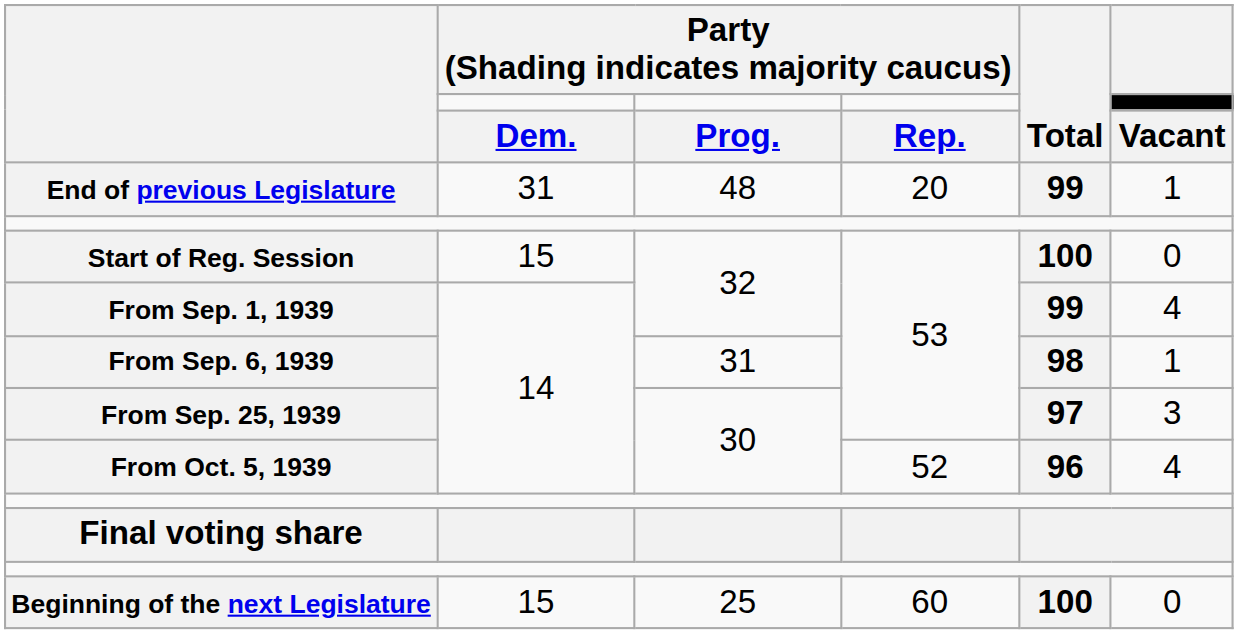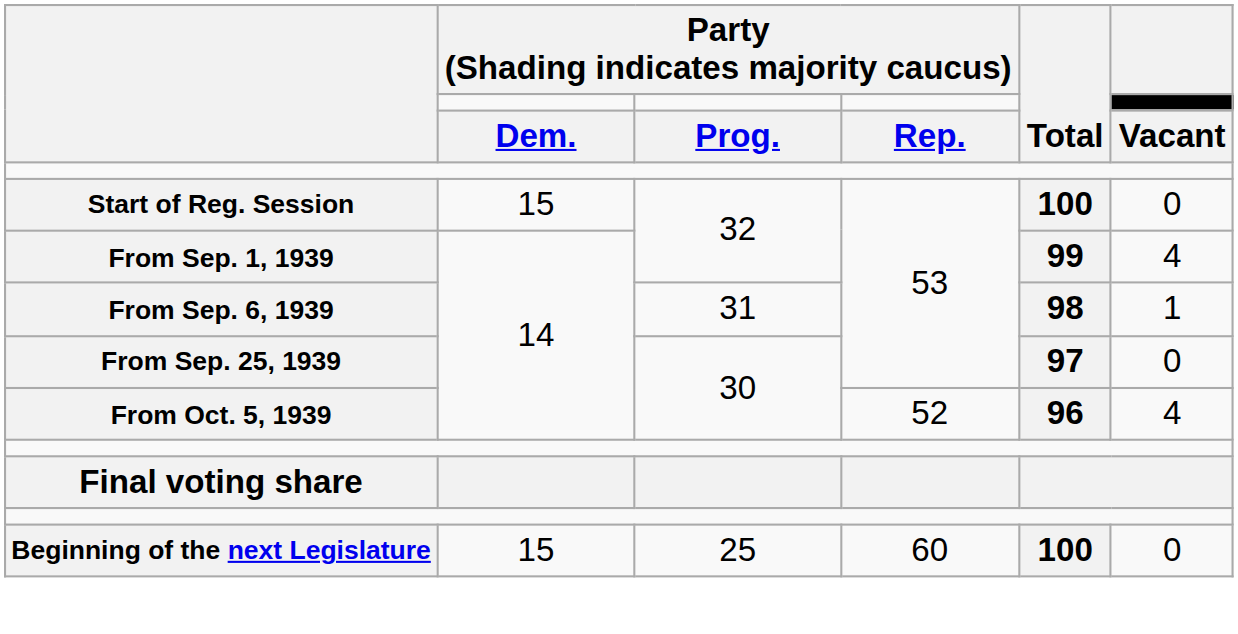 <table class=wikitable style="text-align:center">
 <tr style="vertical-align:bottom;">
 <th rowspan=3></th>
 <th colspan=3>Party <div>(Shading indicates majority caucus)</div></th>
 <th rowspan=3>Total</th>
 <th></th>
 </tr>
 <tr style="height:5px">
 <td style="background-color:"></td>
 <td style="background-color:"></td>
 <td style="background-color:"></td>
 <td style="background:black;"></td>
 </tr>
 <tr>
 <th><a href='#'>Dem.</a></th>
 <th><a href='#'>Prog.</a></th>
 <th><a href='#'>Rep.</a></th>
 <th>Vacant</th>
-</tr>
-<tr>
-<th style="font-size:80%;">End of <a href='#'>previous Legislature</a></th>
-<td>31</td>
-<td>48</td>
-<td>20</td>
-<th>99</th>
-<td>1</td>
 </tr>
 <tr>
 <td colspan=6></td>
 </tr>
 <tr>
 <th style="font-size:80%;">Start of Reg. Session</th>
 <td>15</td>
 <td rowspan="2">32</td>
 <td rowspan="4" >53</td>
 <th>100</th>
 <td>0</td>
 </tr>
 <tr>
 <th style="font-size:80%;">From Sep. 1, 1939</th>
 <td rowspan="4">14</td>
 <th>99</th>
 <td>4</td>
 </tr>
 <tr>
 <th style="font-size:80%;">From Sep. 6, 1939</th>
 <td>31</td>
 <th>98</th>
 <td>1</td>
 </tr>
 <tr>
 <th style="font-size:80%;">From Sep. 25, 1939</th>
 <td rowspan="2">30</td>
 <th>97</th>
-<td>3</td>
+<td>0</td>
 </tr>
 <tr>
 <th style="font-size:80%;">From Oct. 5, 1939</th>
 <td>52</td>
 <th>96</th>
 <td>4</td>
 </tr>
 <tr>
 <td colspan=6></td>
 </tr>
 <tr>
 <th>Final voting share</th>
 <th></th>
 <th></th>
 <th></th>
 <th colspan=2></th>
 </tr>
 <tr>
 <td colspan=6></td>
 </tr>
 <tr>
 <th style="font-size:80%;">Beginning of the <a href='#'>next Legislature</a></th>
 <td>15</td>
 <td>25</td>
 <td>60</td>
 <th>100</th>
 <td>0</td>
 </tr>
 </table>
